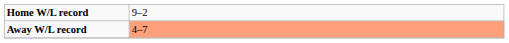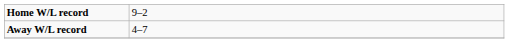 <table class="wikitable" width="60%">
 <tr>
 <td width="25%"><strong>Home W/L record</strong></td>
 <td>9–2</td>
 </tr>
 <tr>
 <td width="25%"><strong>Away W/L record</strong></td>
-<td style="background: lightsalmon;">4–7</td>
+<td>4–7</td>
 </tr>
 <tr>
 </tr>
 </table>
